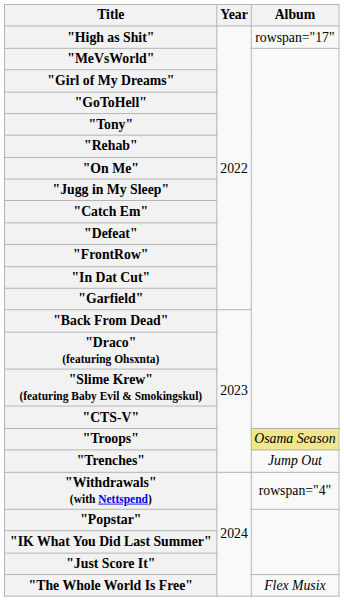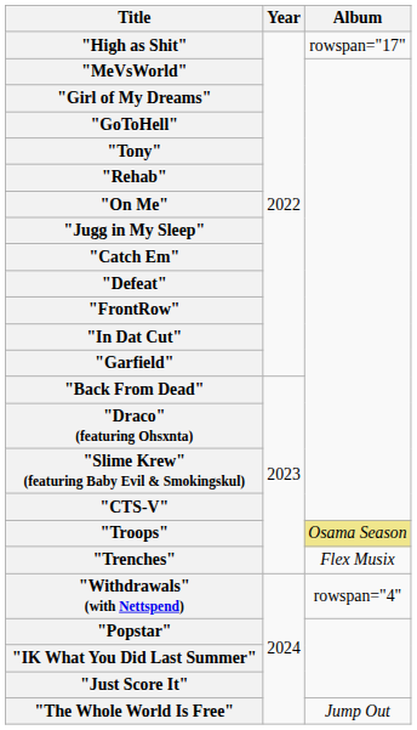 <table class="wikitable plainrowheaders" style="text-align:center;">
 <tr>
 <th scope="col" style="width:15em;">Title</th>
 <th scope="col">Year</th>
 <th scope="col">Album</th>
 </tr>
 <tr>
 <th scope="row">"High as Shit"</th>
 <td rowspan="13">2022</td>
 <td>rowspan="17" </td>
 </tr>
 <tr>
 <th scope="row">"MeVsWorld"</th>
 </tr>
 <tr>
 <th scope="row">"Girl of My Dreams"</th>
 </tr>
 <tr>
 <th scope="row">"GoToHell"</th>
 </tr>
 <tr>
 <th scope="row">"Tony"</th>
 </tr>
 <tr>
 <th scope="row">"Rehab"</th>
 </tr>
 <tr>
 <th scope="row">"On Me"</th>
 </tr>
 <tr>
 <th scope="row">"Jugg in My Sleep"</th>
 </tr>
 <tr>
 <th scope="row">"Catch Em"</th>
 </tr>
 <tr>
 <th scope="row">"Defeat"</th>
 </tr>
 <tr>
 <th scope="row">"FrontRow"</th>
 </tr>
 <tr>
 <th scope="row">"In Dat Cut"</th>
 </tr>
 <tr>
 <th scope="row">"Garfield"</th>
 </tr>
 <tr>
 <th scope="row">"Back From Dead"</th>
 <td rowspan="6">2023</td>
 </tr>
 <tr>
 <th scope="row">"Draco"<br><small>(featuring Ohsxnta)</small></th>
 </tr>
 <tr>
 <th scope="row">"Slime Krew"<br><small>(featuring Baby Evil & Smokingskul)</small></th>
 </tr>
 <tr>
 <th scope="row">"CTS-V"</th>
 </tr>
 <tr>
 <th scope="row">"Troops"</th>
 <td style="background: khaki;"><em>Osama Season</em></td>
 </tr>
 <tr>
 <th scope="row">"Trenches"</th>
-<td><em>Jump Out</em></td>
+<td><em>Flex Musix</em></td>
 </tr>
 <tr>
 <th scope="row">"Withdrawals"<br><small>(with <a href='#'>Nettspend</a>)</small></th>
 <td rowspan="5">2024</td>
 <td>rowspan="4"  </td>
 </tr>
 <tr>
 <th scope="row">"Popstar"</th>
 </tr>
 <tr>
 <th scope="row">"IK What You Did Last Summer"</th>
 </tr>
 <tr>
 <th scope="row">"Just Score It"</th>
 </tr>
 <tr>
 <th scope="row">"The Whole World Is Free"</th>
-<td><em>Flex Musix</em></td>
+<td><em>Jump Out</em></td>
 </tr>
 </table>
